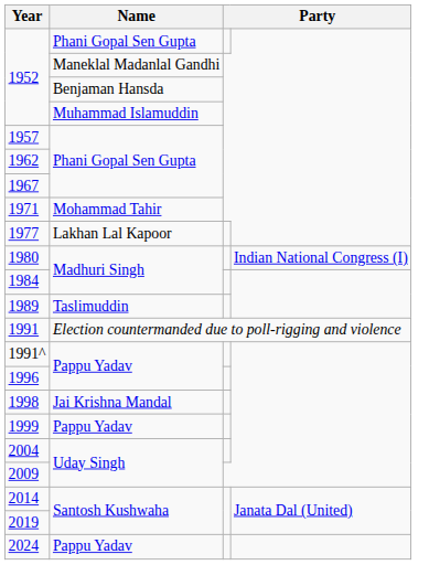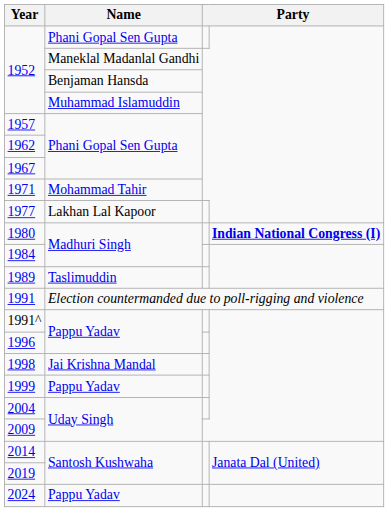 <table class="wikitable">
 <tr>
 <th>Year</th>
 <th>Name</th>
 <th colspan="2">Party</th>
 </tr>
 <tr>
 <td rowspan="4"><a href='#'>1952</a></td>
 <td><a href='#'>Phani Gopal Sen Gupta</a></td>
 <td></td>
 </tr>
 <tr>
 <td>Maneklal Madanlal Gandhi</td>
 </tr>
 <tr>
 <td>Benjaman Hansda</td>
 </tr>
 <tr>
 <td><a href='#'>Muhammad Islamuddin</a></td>
 </tr>
 <tr>
 <td><a href='#'>1957</a></td>
 <td rowspan="3"><a href='#'>Phani Gopal Sen Gupta</a></td>
 </tr>
 <tr>
 <td><a href='#'>1962</a></td>
 </tr>
 <tr>
 <td><a href='#'>1967</a></td>
 </tr>
 <tr>
 <td><a href='#'>1971</a></td>
 <td><a href='#'>Mohammad Tahir</a></td>
 </tr>
 <tr>
 <td><a href='#'>1977</a></td>
 <td>Lakhan Lal Kapoor</td>
 <td></td>
 </tr>
 <tr>
 <td><a href='#'>1980</a></td>
 <td rowspan="2"><a href='#'>Madhuri Singh</a></td>
 <td style=background-color:></td>
-<td><a href='#'>Indian National Congress (I)</a></td>
+<td><strong><a href='#'>Indian National Congress (I)</a></strong></td>
 </tr>
 <tr>
 <td><a href='#'>1984</a></td>
 <td></td>
 </tr>
 <tr>
 <td><a href='#'>1989</a></td>
 <td><a href='#'>Taslimuddin</a></td>
 <td></td>
 </tr>
 <tr>
 <td><a href='#'>1991</a></td>
 <td colspan="3"><em>Election countermanded due to poll-rigging and violence</em></td>
 </tr>
 <tr>
 <td>1991^</td>
 <td rowspan="2"><a href='#'>Pappu Yadav</a></td>
 <td></td>
 </tr>
 <tr>
 <td><a href='#'>1996</a></td>
 <td></td>
 </tr>
 <tr>
 <td><a href='#'>1998</a></td>
 <td><a href='#'>Jai Krishna Mandal</a></td>
 <td></td>
 </tr>
 <tr>
 <td><a href='#'>1999</a></td>
 <td><a href='#'>Pappu Yadav</a></td>
 <td></td>
 </tr>
 <tr>
 <td><a href='#'>2004</a></td>
 <td rowspan="2"><a href='#'>Uday Singh</a></td>
 <td></td>
 </tr>
 <tr>
 <td><a href='#'>2009</a></td>
 </tr>
 <tr>
 <td><a href='#'>2014</a></td>
 <td rowspan="2"><a href='#'>Santosh Kushwaha</a></td>
 <td rowspan="2" style=background-color:></td>
 <td rowspan="2"><a href='#'>Janata Dal (United)</a></td>
 </tr>
 <tr>
 <td><a href='#'>2019</a></td>
 </tr>
 <tr>
 <td rowspan="2"><a href='#'>2024</a></td>
 <td rowspan="2"><a href='#'>Pappu Yadav</a></td>
 <td></td>
 </tr>
 </table>
